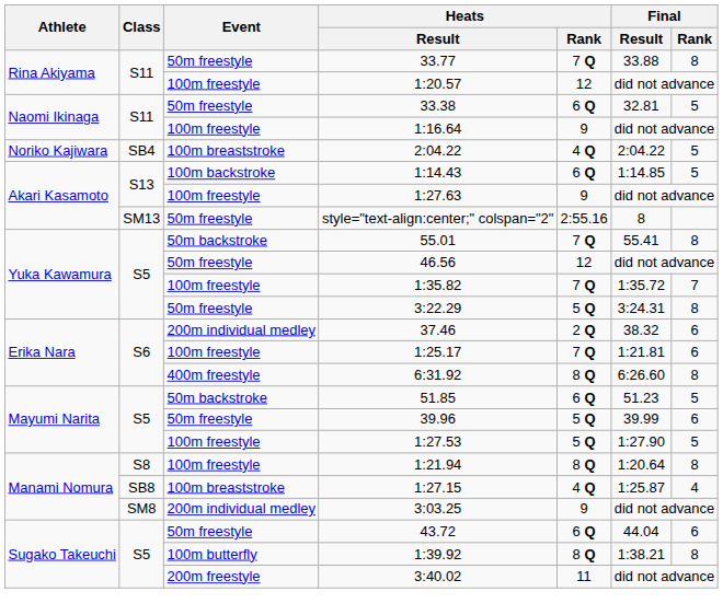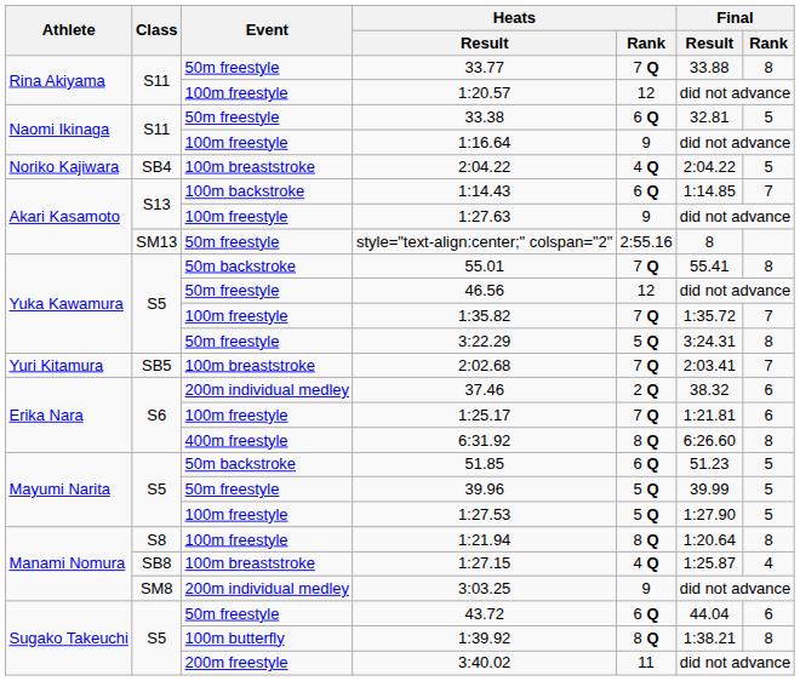 <table class=wikitable style="font-size:90%">
 <tr>
 <th rowspan="2">Athlete</th>
 <th rowspan="2">Class</th>
 <th rowspan="2">Event</th>
 <th colspan="2">Heats</th>
 <th colspan="2">Final</th>
 </tr>
 <tr>
 <th>Result</th>
 <th>Rank</th>
 <th>Result</th>
 <th>Rank</th>
 </tr>
 <tr>
 <td rowspan="2"><a href='#'>Rina Akiyama</a></td>
 <td rowspan="2" style="text-align:center;">S11</td>
 <td><a href='#'>50m freestyle</a></td>
 <td style="text-align:center;">33.77</td>
 <td style="text-align:center;">7 <strong>Q</strong></td>
 <td style="text-align:center;">33.88</td>
 <td style="text-align:center;">8</td>
 </tr>
 <tr>
 <td><a href='#'>100m freestyle</a></td>
 <td style="text-align:center;">1:20.57</td>
 <td style="text-align:center;">12</td>
 <td style="text-align:center;" colspan="2">did not advance</td>
 </tr>
 <tr>
 <td rowspan="2"><a href='#'>Naomi Ikinaga</a></td>
 <td rowspan="2" style="text-align:center;">S11</td>
 <td><a href='#'>50m freestyle</a></td>
 <td style="text-align:center;">33.38</td>
 <td style="text-align:center;">6 <strong>Q</strong></td>
 <td style="text-align:center;">32.81</td>
 <td style="text-align:center;">5</td>
 </tr>
 <tr>
 <td><a href='#'>100m freestyle</a></td>
 <td style="text-align:center;">1:16.64</td>
 <td style="text-align:center;">9</td>
 <td style="text-align:center;" colspan="2">did not advance</td>
 </tr>
 <tr>
 <td><a href='#'>Noriko Kajiwara</a></td>
 <td style="text-align:center;">SB4</td>
 <td><a href='#'>100m breaststroke</a></td>
 <td style="text-align:center;">2:04.22</td>
 <td style="text-align:center;">4 <strong>Q</strong></td>
 <td style="text-align:center;">2:04.22</td>
 <td style="text-align:center;">5</td>
 </tr>
 <tr>
 <td rowspan="3"><a href='#'>Akari Kasamoto</a></td>
 <td rowspan="2" style="text-align:center;">S13</td>
 <td><a href='#'>100m backstroke</a></td>
 <td style="text-align:center;">1:14.43</td>
 <td style="text-align:center;">6 <strong>Q</strong></td>
 <td style="text-align:center;">1:14.85</td>
-<td style="text-align:center;">5</td>
+<td style="text-align:center;">7</td>
 </tr>
 <tr>
 <td><a href='#'>100m freestyle</a></td>
 <td style="text-align:center;">1:27.63</td>
 <td style="text-align:center;">9</td>
 <td style="text-align:center;" colspan="2">did not advance</td>
 </tr>
 <tr>
 <td style="text-align:center;">SM13</td>
 <td><a href='#'>50m freestyle</a></td>
 <td>style="text-align:center;" colspan="2" </td>
 <td style="text-align:center;">2:55.16</td>
 <td style="text-align:center;">8</td>
 </tr>
 <tr>
 <td rowspan="4"><a href='#'>Yuka Kawamura</a></td>
 <td rowspan="4" style="text-align:center;">S5</td>
 <td><a href='#'>50m backstroke</a></td>
 <td style="text-align:center;">55.01</td>
 <td style="text-align:center;">7 <strong>Q</strong></td>
 <td style="text-align:center;">55.41</td>
 <td style="text-align:center;">8</td>
 </tr>
 <tr>
 <td><a href='#'>50m freestyle</a></td>
 <td style="text-align:center;">46.56</td>
 <td style="text-align:center;">12</td>
 <td style="text-align:center;" colspan="2">did not advance</td>
 </tr>
 <tr>
 <td><a href='#'>100m freestyle</a></td>
 <td style="text-align:center;">1:35.82</td>
 <td style="text-align:center;">7 <strong>Q</strong></td>
 <td style="text-align:center;">1:35.72</td>
 <td style="text-align:center;">7</td>
 </tr>
 <tr>
 <td><a href='#'>50m freestyle</a></td>
 <td style="text-align:center;">3:22.29</td>
 <td style="text-align:center;">5 <strong>Q</strong></td>
 <td style="text-align:center;">3:24.31</td>
 <td style="text-align:center;">8</td>
 </tr>
 <tr>
+<td><a href='#'>Yuri Kitamura</a></td>
+<td style="text-align:center;">SB5</td>
+<td><a href='#'>100m breaststroke</a></td>
+<td style="text-align:center;">2:02.68</td>
+<td style="text-align:center;">7 <strong>Q</strong></td>
+<td style="text-align:center;">2:03.41</td>
+<td style="text-align:center;">7</td>
+</tr>
+<tr>
 <td rowspan="3"><a href='#'>Erika Nara</a></td>
 <td rowspan="3" style="text-align:center;">S6</td>
 <td><a href='#'>200m individual medley</a></td>
 <td style="text-align:center;">37.46</td>
 <td style="text-align:center;">2 <strong>Q</strong></td>
 <td style="text-align:center;">38.32</td>
 <td style="text-align:center;">6</td>
 </tr>
 <tr>
 <td><a href='#'>100m freestyle</a></td>
 <td style="text-align:center;">1:25.17</td>
 <td style="text-align:center;">7 <strong>Q</strong></td>
 <td style="text-align:center;">1:21.81</td>
 <td style="text-align:center;">6</td>
 </tr>
 <tr>
 <td><a href='#'>400m freestyle</a></td>
 <td style="text-align:center;">6:31.92</td>
 <td style="text-align:center;">8 <strong>Q</strong></td>
 <td style="text-align:center;">6:26.60</td>
 <td style="text-align:center;">8</td>
 </tr>
 <tr>
 <td rowspan="3"><a href='#'>Mayumi Narita</a></td>
 <td rowspan="3" style="text-align:center;">S5</td>
 <td><a href='#'>50m backstroke</a></td>
 <td style="text-align:center;">51.85</td>
 <td style="text-align:center;">6 <strong>Q</strong></td>
 <td style="text-align:center;">51.23</td>
 <td style="text-align:center;">5</td>
 </tr>
 <tr>
 <td><a href='#'>50m freestyle</a></td>
 <td style="text-align:center;">39.96</td>
 <td style="text-align:center;">5 <strong>Q</strong></td>
 <td style="text-align:center;">39.99</td>
-<td style="text-align:center;">6</td>
+<td style="text-align:center;">5</td>
 </tr>
 <tr>
 <td><a href='#'>100m freestyle</a></td>
 <td style="text-align:center;">1:27.53</td>
 <td style="text-align:center;">5 <strong>Q</strong></td>
 <td style="text-align:center;">1:27.90</td>
 <td style="text-align:center;">5</td>
 </tr>
 <tr>
 <td rowspan="3"><a href='#'>Manami Nomura</a></td>
 <td style="text-align:center;">S8</td>
 <td><a href='#'>100m freestyle</a></td>
 <td style="text-align:center;">1:21.94</td>
 <td style="text-align:center;">8 <strong>Q</strong></td>
 <td style="text-align:center;">1:20.64</td>
 <td style="text-align:center;">8</td>
 </tr>
 <tr>
 <td style="text-align:center;">SB8</td>
 <td><a href='#'>100m breaststroke</a></td>
 <td style="text-align:center;">1:27.15</td>
 <td style="text-align:center;">4 <strong>Q</strong></td>
 <td style="text-align:center;">1:25.87</td>
 <td style="text-align:center;">4</td>
 </tr>
 <tr>
 <td style="text-align:center;">SM8</td>
 <td><a href='#'>200m individual medley</a></td>
 <td style="text-align:center;">3:03.25</td>
 <td style="text-align:center;">9</td>
 <td style="text-align:center;" colspan="2">did not advance</td>
 </tr>
 <tr>
 <td rowspan="3"><a href='#'>Sugako Takeuchi</a></td>
 <td rowspan="3" style="text-align:center;">S5</td>
 <td><a href='#'>50m freestyle</a></td>
 <td style="text-align:center;">43.72</td>
 <td style="text-align:center;">6 <strong>Q</strong></td>
 <td style="text-align:center;">44.04</td>
 <td style="text-align:center;">6</td>
 </tr>
 <tr>
 <td><a href='#'>100m butterfly</a></td>
 <td style="text-align:center;">1:39.92</td>
 <td style="text-align:center;">8 <strong>Q</strong></td>
 <td style="text-align:center;">1:38.21</td>
 <td style="text-align:center;">8</td>
 </tr>
 <tr>
 <td><a href='#'>200m freestyle</a></td>
 <td style="text-align:center;">3:40.02</td>
 <td style="text-align:center;">11</td>
 <td style="text-align:center;" colspan="2">did not advance</td>
 </tr>
 </table>
